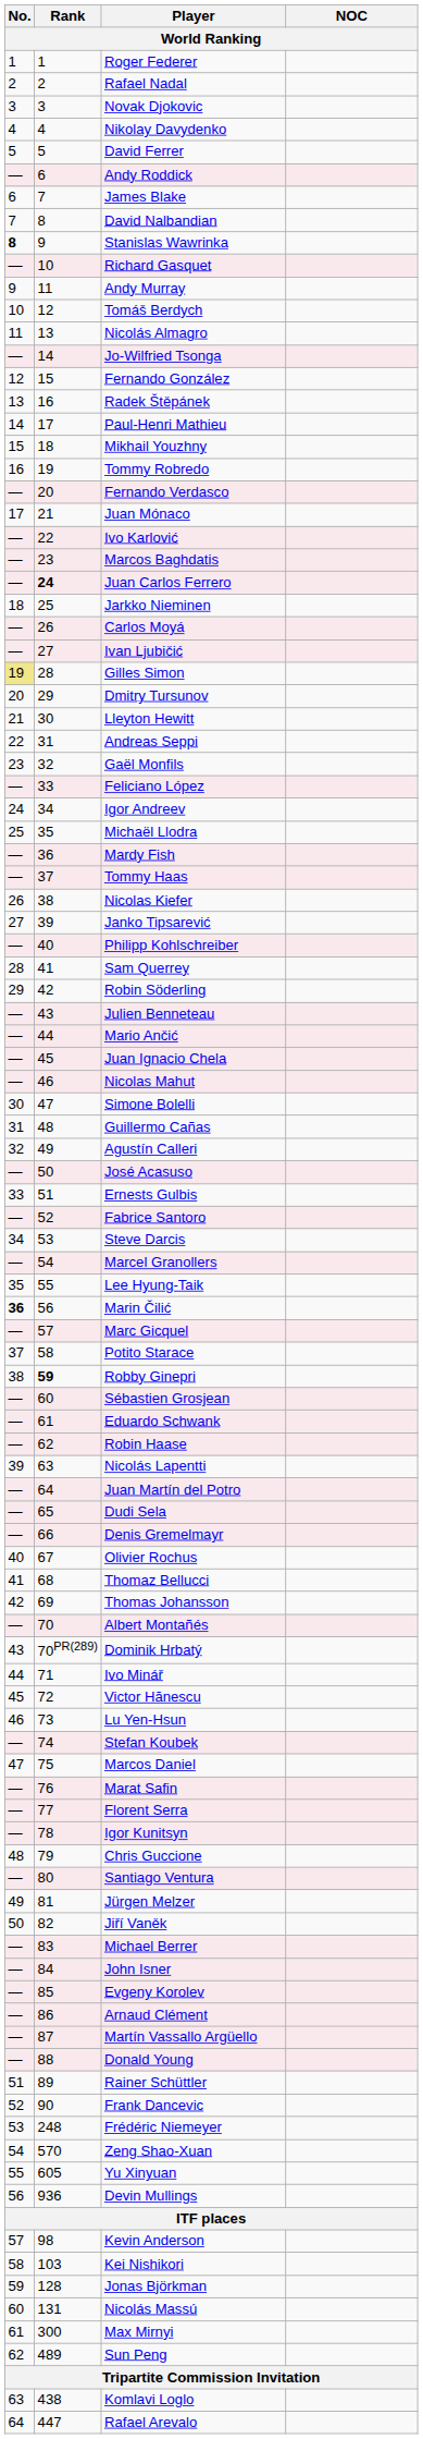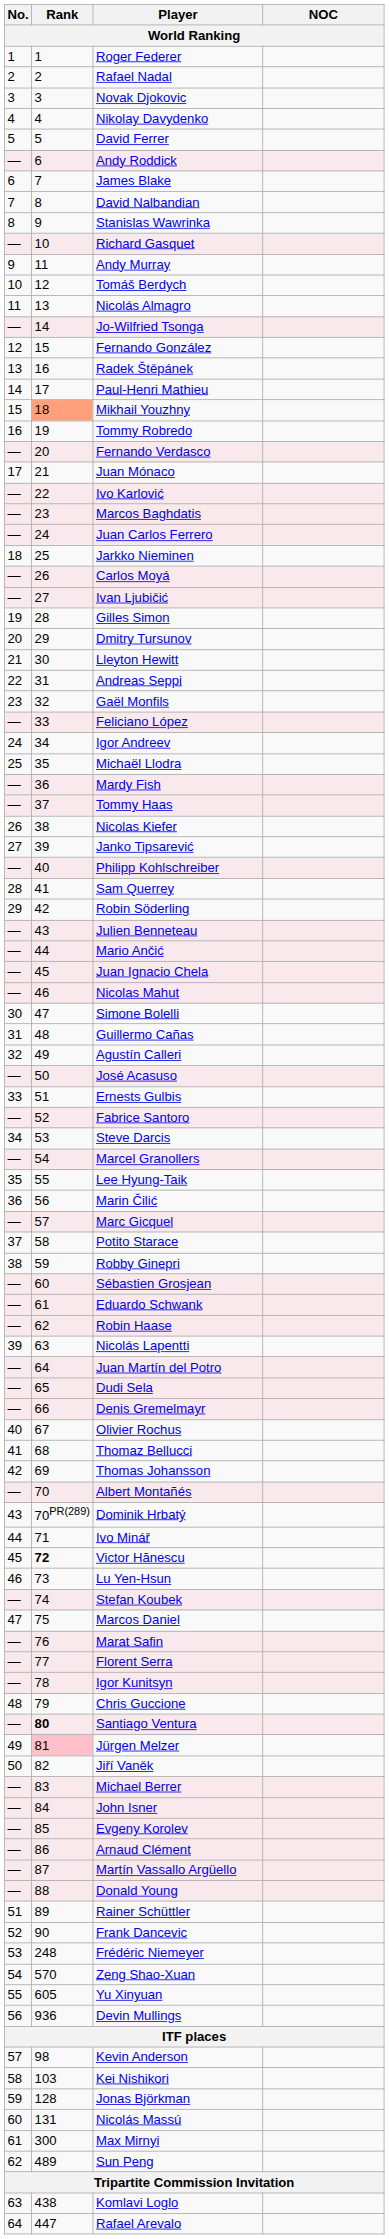 <table class="wikitable">
 <tr>
 <th width=20>No.</th>
 <th width=20>Rank</th>
 <th width=200>Player</th>
 <th width=140>NOC</th>
 </tr>
 <tr>
 <th colspan="4">World Ranking</th>
 </tr>
 <tr>
 <td>1</td>
 <td>1</td>
 <td><a href='#'>Roger Federer</a></td>
 <td></td>
 </tr>
 <tr>
 <td>2</td>
 <td>2</td>
 <td><a href='#'>Rafael Nadal</a></td>
 <td></td>
 </tr>
 <tr>
 <td>3</td>
 <td>3</td>
 <td><a href='#'>Novak Djokovic</a></td>
 <td></td>
 </tr>
 <tr>
 <td>4</td>
 <td>4</td>
 <td><a href='#'>Nikolay Davydenko</a></td>
 <td></td>
 </tr>
 <tr>
 <td>5</td>
 <td>5</td>
 <td><a href='#'>David Ferrer</a></td>
 <td></td>
 </tr>
 <tr bgcolor=#F9E9ED>
 <td>—</td>
 <td>6</td>
 <td><a href='#'>Andy Roddick</a></td>
 <td></td>
 </tr>
 <tr>
 <td>6</td>
 <td>7</td>
 <td><a href='#'>James Blake</a></td>
 <td></td>
 </tr>
 <tr>
 <td>7</td>
 <td>8</td>
 <td><a href='#'>David Nalbandian</a></td>
 <td></td>
 </tr>
 <tr>
-<td><strong>8</strong></td>
+<td>8</td>
 <td>9</td>
 <td><a href='#'>Stanislas Wawrinka</a></td>
 <td></td>
 </tr>
 <tr bgcolor=#F9E9ED>
 <td>—</td>
 <td>10</td>
 <td><a href='#'>Richard Gasquet</a></td>
 <td></td>
 </tr>
 <tr>
 <td>9</td>
 <td>11</td>
 <td><a href='#'>Andy Murray</a></td>
 <td></td>
 </tr>
 <tr>
 <td>10</td>
 <td>12</td>
 <td><a href='#'>Tomáš Berdych</a></td>
 <td></td>
 </tr>
 <tr>
 <td>11</td>
 <td>13</td>
 <td><a href='#'>Nicolás Almagro</a></td>
 <td></td>
 </tr>
 <tr bgcolor=#F9E9ED>
 <td>—</td>
 <td>14</td>
 <td><a href='#'>Jo-Wilfried Tsonga</a></td>
 <td></td>
 </tr>
 <tr>
 <td>12</td>
 <td>15</td>
 <td><a href='#'>Fernando González</a></td>
 <td></td>
 </tr>
 <tr>
 <td>13</td>
 <td>16</td>
 <td><a href='#'>Radek Štěpánek</a></td>
 <td></td>
 </tr>
 <tr>
 <td>14</td>
 <td>17</td>
 <td><a href='#'>Paul-Henri Mathieu</a></td>
 <td></td>
 </tr>
 <tr>
 <td>15</td>
-<td>18</td>
+<td style="background: lightsalmon;">18</td>
 <td><a href='#'>Mikhail Youzhny</a></td>
 <td></td>
 </tr>
 <tr>
 <td>16</td>
 <td>19</td>
 <td><a href='#'>Tommy Robredo</a></td>
 <td></td>
 </tr>
 <tr bgcolor=#F9E9ED>
 <td>—</td>
 <td>20</td>
 <td><a href='#'>Fernando Verdasco</a></td>
 <td></td>
 </tr>
 <tr>
 <td>17</td>
 <td>21</td>
 <td><a href='#'>Juan Mónaco</a></td>
 <td></td>
 </tr>
 <tr bgcolor=#F9E9ED>
 <td>—</td>
 <td>22</td>
 <td><a href='#'>Ivo Karlović</a></td>
 <td></td>
 </tr>
 <tr bgcolor=#F9E9ED>
 <td>—</td>
 <td>23</td>
 <td><a href='#'>Marcos Baghdatis</a></td>
 <td></td>
 </tr>
 <tr bgcolor=#F9E9ED>
 <td>—</td>
-<td><strong>24</strong></td>
+<td>24</td>
 <td><a href='#'>Juan Carlos Ferrero</a></td>
 <td></td>
 </tr>
 <tr>
 <td>18</td>
 <td>25</td>
 <td><a href='#'>Jarkko Nieminen</a></td>
 <td></td>
 </tr>
 <tr bgcolor=#F9E9ED>
 <td>—</td>
 <td>26</td>
 <td><a href='#'>Carlos Moyá</a></td>
 <td></td>
 </tr>
 <tr bgcolor=#F9E9ED>
 <td>—</td>
 <td>27</td>
 <td><a href='#'>Ivan Ljubičić</a></td>
 <td></td>
 </tr>
 <tr>
-<td style="background: khaki;">19</td>
+<td>19</td>
 <td>28</td>
 <td><a href='#'>Gilles Simon</a></td>
 <td></td>
 </tr>
 <tr>
 <td>20</td>
 <td>29</td>
 <td><a href='#'>Dmitry Tursunov</a></td>
 <td></td>
 </tr>
 <tr>
 <td>21</td>
 <td>30</td>
 <td><a href='#'>Lleyton Hewitt</a></td>
 <td></td>
 </tr>
 <tr>
 <td>22</td>
 <td>31</td>
 <td><a href='#'>Andreas Seppi</a></td>
 <td></td>
 </tr>
 <tr>
 <td>23</td>
 <td>32</td>
 <td><a href='#'>Gaël Monfils</a></td>
 <td></td>
 </tr>
 <tr bgcolor=#F9E9ED>
 <td>—</td>
 <td>33</td>
 <td><a href='#'>Feliciano López</a></td>
 <td></td>
 </tr>
 <tr>
 <td>24</td>
 <td>34</td>
 <td><a href='#'>Igor Andreev</a></td>
 <td></td>
 </tr>
 <tr>
 <td>25</td>
 <td>35</td>
 <td><a href='#'>Michaël Llodra</a></td>
 <td></td>
 </tr>
 <tr bgcolor=#F9E9ED>
 <td>—</td>
 <td>36</td>
 <td><a href='#'>Mardy Fish</a></td>
 <td></td>
 </tr>
 <tr bgcolor=#F9E9ED>
 <td>—</td>
 <td>37</td>
 <td><a href='#'>Tommy Haas</a></td>
 <td></td>
 </tr>
 <tr>
 <td>26</td>
 <td>38</td>
 <td><a href='#'>Nicolas Kiefer</a></td>
 <td></td>
 </tr>
 <tr>
 <td>27</td>
 <td>39</td>
 <td><a href='#'>Janko Tipsarević</a></td>
 <td></td>
 </tr>
 <tr bgcolor=#F9E9ED>
 <td>—</td>
 <td>40</td>
 <td><a href='#'>Philipp Kohlschreiber</a></td>
 <td></td>
 </tr>
 <tr>
 <td>28</td>
 <td>41</td>
 <td><a href='#'>Sam Querrey</a></td>
 <td></td>
 </tr>
 <tr>
 <td>29</td>
 <td>42</td>
 <td><a href='#'>Robin Söderling</a></td>
 <td></td>
 </tr>
 <tr bgcolor=#F9E9ED>
 <td>—</td>
 <td>43</td>
 <td><a href='#'>Julien Benneteau</a></td>
 <td></td>
 </tr>
 <tr bgcolor=#F9E9ED>
 <td>—</td>
 <td>44</td>
 <td><a href='#'>Mario Ančić</a></td>
 <td></td>
 </tr>
 <tr bgcolor=#F9E9ED>
 <td>—</td>
 <td>45</td>
 <td><a href='#'>Juan Ignacio Chela</a></td>
 <td></td>
 </tr>
 <tr bgcolor=#F9E9ED>
 <td>—</td>
 <td>46</td>
 <td><a href='#'>Nicolas Mahut</a></td>
 <td></td>
 </tr>
 <tr>
 <td>30</td>
 <td>47</td>
 <td><a href='#'>Simone Bolelli</a></td>
 <td></td>
 </tr>
 <tr>
 <td>31</td>
 <td>48</td>
 <td><a href='#'>Guillermo Cañas</a></td>
 <td></td>
 </tr>
 <tr>
 <td>32</td>
 <td>49</td>
 <td><a href='#'>Agustín Calleri</a></td>
 <td></td>
 </tr>
 <tr bgcolor=#F9E9ED>
 <td>—</td>
 <td>50</td>
 <td><a href='#'>José Acasuso</a></td>
 <td></td>
 </tr>
 <tr>
 <td>33</td>
 <td>51</td>
 <td><a href='#'>Ernests Gulbis</a></td>
 <td></td>
 </tr>
 <tr bgcolor=#F9E9ED>
 <td>—</td>
 <td>52</td>
 <td><a href='#'>Fabrice Santoro</a></td>
 <td></td>
 </tr>
 <tr>
 <td>34</td>
 <td>53</td>
 <td><a href='#'>Steve Darcis</a></td>
 <td></td>
 </tr>
 <tr bgcolor=#F9E9ED>
 <td>—</td>
 <td>54</td>
 <td><a href='#'>Marcel Granollers</a></td>
 <td></td>
 </tr>
 <tr>
 <td>35</td>
 <td>55</td>
 <td><a href='#'>Lee Hyung-Taik</a></td>
 <td></td>
 </tr>
 <tr>
-<td><strong>36</strong></td>
+<td>36</td>
 <td>56</td>
 <td><a href='#'>Marin Čilić</a></td>
 <td></td>
 </tr>
 <tr bgcolor=#F9E9ED>
 <td>—</td>
 <td>57</td>
 <td><a href='#'>Marc Gicquel</a></td>
 <td></td>
 </tr>
 <tr>
 <td>37</td>
 <td>58</td>
 <td><a href='#'>Potito Starace</a></td>
 <td></td>
 </tr>
 <tr>
 <td>38</td>
-<td><strong>59</strong></td>
+<td>59</td>
 <td><a href='#'>Robby Ginepri</a></td>
 <td></td>
 </tr>
 <tr bgcolor=#F9E9ED>
 <td>—</td>
 <td>60</td>
 <td><a href='#'>Sébastien Grosjean</a></td>
 <td></td>
 </tr>
 <tr bgcolor=#F9E9ED>
 <td>—</td>
 <td>61</td>
 <td><a href='#'>Eduardo Schwank</a></td>
 <td></td>
 </tr>
 <tr bgcolor=#F9E9ED>
 <td>—</td>
 <td>62</td>
 <td><a href='#'>Robin Haase</a></td>
 <td></td>
 </tr>
 <tr>
 <td>39</td>
 <td>63</td>
 <td><a href='#'>Nicolás Lapentti</a></td>
 <td></td>
 </tr>
 <tr bgcolor=#F9E9ED>
 <td>—</td>
 <td>64</td>
 <td><a href='#'>Juan Martín del Potro</a></td>
 <td></td>
 </tr>
 <tr bgcolor=#F9E9ED>
 <td>—</td>
 <td>65</td>
 <td><a href='#'>Dudi Sela</a></td>
 <td></td>
 </tr>
 <tr bgcolor=#F9E9ED>
 <td>—</td>
 <td>66</td>
 <td><a href='#'>Denis Gremelmayr</a></td>
 <td></td>
 </tr>
 <tr>
 <td>40</td>
 <td>67</td>
 <td><a href='#'>Olivier Rochus</a></td>
 <td></td>
 </tr>
 <tr>
 <td>41</td>
 <td>68</td>
 <td><a href='#'>Thomaz Bellucci</a></td>
 <td></td>
 </tr>
 <tr>
 <td>42</td>
 <td>69</td>
 <td><a href='#'>Thomas Johansson</a></td>
 <td></td>
 </tr>
 <tr bgcolor=#F9E9ED>
 <td>—</td>
 <td>70</td>
 <td><a href='#'>Albert Montañés</a></td>
 <td></td>
 </tr>
 <tr>
 <td>43</td>
 <td>70<sup>PR(289)</sup></td>
 <td><a href='#'>Dominik Hrbatý</a></td>
 <td></td>
 </tr>
 <tr>
 <td>44</td>
 <td>71</td>
 <td><a href='#'>Ivo Minář</a></td>
 <td></td>
 </tr>
 <tr>
 <td>45</td>
-<td>72</td>
+<td><strong>72</strong></td>
 <td><a href='#'>Victor Hănescu</a></td>
 <td></td>
 </tr>
 <tr>
 <td>46</td>
 <td>73</td>
 <td><a href='#'>Lu Yen-Hsun</a></td>
 <td></td>
 </tr>
 <tr bgcolor=#F9E9ED>
 <td>—</td>
 <td>74</td>
 <td><a href='#'>Stefan Koubek</a></td>
 <td></td>
 </tr>
 <tr>
 <td>47</td>
 <td>75</td>
 <td><a href='#'>Marcos Daniel</a></td>
 <td></td>
 </tr>
 <tr bgcolor=#F9E9ED>
 <td>—</td>
 <td>76</td>
 <td><a href='#'>Marat Safin</a></td>
 <td></td>
 </tr>
 <tr bgcolor=#F9E9ED>
 <td>—</td>
 <td>77</td>
 <td><a href='#'>Florent Serra</a></td>
 <td></td>
 </tr>
 <tr bgcolor=#F9E9ED>
 <td>—</td>
 <td>78</td>
 <td><a href='#'>Igor Kunitsyn</a></td>
 <td></td>
 </tr>
 <tr>
 <td>48</td>
 <td>79</td>
 <td><a href='#'>Chris Guccione</a></td>
 <td></td>
 </tr>
 <tr bgcolor=#F9E9ED>
 <td>—</td>
-<td>80</td>
+<td><strong>80</strong></td>
 <td><a href='#'>Santiago Ventura</a></td>
 <td></td>
 </tr>
 <tr>
 <td>49</td>
-<td>81</td>
+<td style="background: pink;">81</td>
 <td><a href='#'>Jürgen Melzer</a></td>
 <td></td>
 </tr>
 <tr>
 <td>50</td>
 <td>82</td>
 <td><a href='#'>Jiří Vaněk</a></td>
 <td></td>
 </tr>
 <tr bgcolor=#F9E9ED>
 <td>—</td>
 <td>83</td>
 <td><a href='#'>Michael Berrer</a></td>
 <td></td>
 </tr>
 <tr bgcolor=#F9E9ED>
 <td>—</td>
 <td>84</td>
 <td><a href='#'>John Isner</a></td>
 <td></td>
 </tr>
 <tr bgcolor=#F9E9ED>
 <td>—</td>
 <td>85</td>
 <td><a href='#'>Evgeny Korolev</a></td>
 <td></td>
 </tr>
 <tr bgcolor=#F9E9ED>
 <td>—</td>
 <td>86</td>
 <td><a href='#'>Arnaud Clément</a></td>
 <td></td>
 </tr>
 <tr bgcolor=#F9E9ED>
 <td>—</td>
 <td>87</td>
 <td><a href='#'>Martín Vassallo Argüello</a></td>
 <td></td>
 </tr>
 <tr bgcolor=#F9E9ED>
 <td>—</td>
 <td>88</td>
 <td><a href='#'>Donald Young</a></td>
 <td></td>
 </tr>
 <tr>
 <td>51</td>
 <td>89</td>
 <td><a href='#'>Rainer Schüttler</a></td>
 <td></td>
 </tr>
 <tr>
 <td>52</td>
 <td>90</td>
 <td><a href='#'>Frank Dancevic</a></td>
 <td></td>
 </tr>
 <tr>
 <td>53</td>
 <td>248</td>
 <td><a href='#'>Frédéric Niemeyer</a></td>
 <td></td>
 </tr>
 <tr>
 <td>54</td>
 <td>570</td>
 <td><a href='#'>Zeng Shao-Xuan</a></td>
 <td></td>
 </tr>
 <tr>
 <td>55</td>
 <td>605</td>
 <td><a href='#'>Yu Xinyuan</a></td>
 <td></td>
 </tr>
 <tr>
 <td>56</td>
 <td>936</td>
 <td><a href='#'>Devin Mullings</a></td>
 <td></td>
 </tr>
 <tr>
 <th colspan="4">ITF places</th>
 </tr>
 <tr>
 <td>57</td>
 <td>98</td>
 <td><a href='#'>Kevin Anderson</a></td>
 <td></td>
 </tr>
 <tr>
 <td>58</td>
 <td>103</td>
 <td><a href='#'>Kei Nishikori</a></td>
 <td></td>
 </tr>
 <tr>
 <td>59</td>
 <td>128</td>
 <td><a href='#'>Jonas Björkman</a></td>
 <td></td>
 </tr>
 <tr>
 <td>60</td>
 <td>131</td>
 <td><a href='#'>Nicolás Massú</a></td>
 <td></td>
 </tr>
 <tr>
 <td>61</td>
 <td>300</td>
 <td><a href='#'>Max Mirnyi</a></td>
 <td></td>
 </tr>
 <tr>
 <td>62</td>
 <td>489</td>
 <td><a href='#'>Sun Peng</a></td>
 <td></td>
 </tr>
 <tr>
 <th colspan="4">Tripartite Commission Invitation</th>
 </tr>
 <tr>
 <td>63</td>
 <td>438</td>
 <td><a href='#'>Komlavi Loglo</a></td>
 <td></td>
 </tr>
 <tr>
 <td>64</td>
 <td>447</td>
 <td><a href='#'>Rafael Arevalo</a></td>
 <td></td>
 </tr>
 </table>
